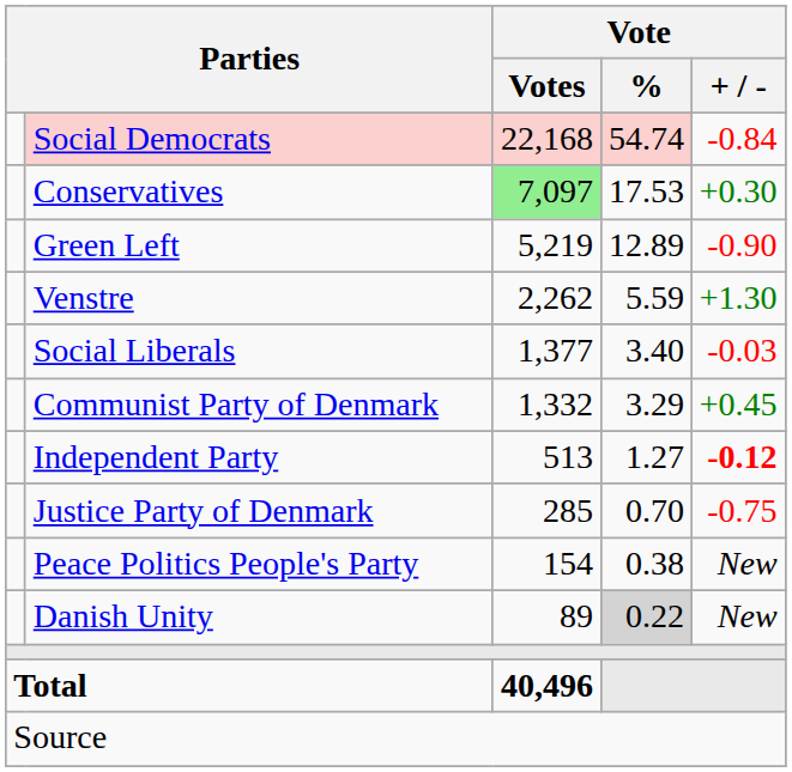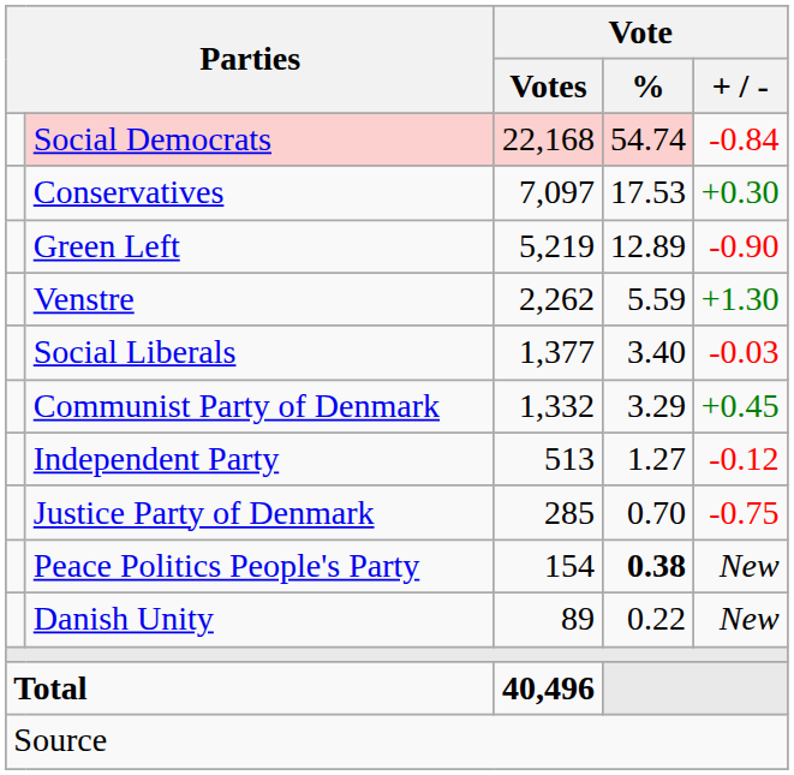 <table class="wikitable" style="text-align:right;">
 <tr>
 <th style="text-align:centre;" rowspan="2" colspan="2" width="225">Parties</th>
 <th colspan="3">Vote</th>
 </tr>
 <tr>
 <th width="15">Votes</th>
 <th width="15">%</th>
 <th width="15">+ / -</th>
 </tr>
 <tr>
 <td width="2" style="color:inherit;background:"></td>
 <td bgcolor=#fbd0ce  align="left"><a href='#'>Social Democrats</a></td>
 <td bgcolor=#fbd0ce>22,168</td>
 <td bgcolor=#fbd0ce>54.74</td>
 <td style=color:red;>-0.84</td>
 </tr>
 <tr>
 <td width="2" style="color:inherit;background:"></td>
 <td align="left"><a href='#'>Conservatives</a></td>
-<td style="background: lightgreen;">7,097</td>
+<td>7,097</td>
 <td>17.53</td>
 <td style=color:green;>+0.30</td>
 </tr>
 <tr>
 <td width="2" style="color:inherit;background:"></td>
 <td align="left"><a href='#'>Green Left</a></td>
 <td>5,219</td>
 <td>12.89</td>
 <td style=color:red;>-0.90</td>
 </tr>
 <tr>
 <td width="2" style="color:inherit;background:"></td>
 <td align="left"><a href='#'>Venstre</a></td>
 <td>2,262</td>
 <td>5.59</td>
 <td style=color:green;>+1.30</td>
 </tr>
 <tr>
 <td width="2" style="color:inherit;background:"></td>
 <td align="left"><a href='#'>Social Liberals</a></td>
 <td>1,377</td>
 <td>3.40</td>
 <td style=color:red;>-0.03</td>
 </tr>
 <tr>
 <td width="2" style="color:inherit;background:"></td>
 <td align="left"><a href='#'>Communist Party of Denmark</a></td>
 <td>1,332</td>
 <td>3.29</td>
 <td style=color:green;>+0.45</td>
 </tr>
 <tr>
 <td width="2" style="color:inherit;background:"></td>
 <td align="left"><a href='#'>Independent Party</a></td>
 <td>513</td>
 <td>1.27</td>
-<td style=color:red;><strong>-0.12</strong></td>
+<td style=color:red;>-0.12</td>
 </tr>
 <tr>
 <td width="2" style="color:inherit;background:"></td>
 <td align="left"><a href='#'>Justice Party of Denmark</a></td>
 <td>285</td>
 <td>0.70</td>
 <td style=color:red;>-0.75</td>
 </tr>
 <tr>
 <td width="2" style="color:inherit;background:"></td>
 <td align="left"><a href='#'>Peace Politics People's Party</a></td>
 <td>154</td>
-<td>0.38</td>
+<td><strong>0.38</strong></td>
 <td><em>New</em></td>
 </tr>
 <tr>
 <td width="2" style="color:inherit;background:"></td>
 <td align="left"><a href='#'>Danish Unity</a></td>
 <td>89</td>
-<td style="background: lightgrey;">0.22</td>
+<td>0.22</td>
 <td><em>New</em></td>
 </tr>
 <tr>
 <td colspan="7" bgcolor="#E9E9E9"></td>
 </tr>
 <tr>
 <td align="left" colspan="2"><strong>Total</strong></td>
 <td><strong>40,496</strong></td>
 <td bgcolor="#E9E9E9" colspan="2"></td>
 </tr>
 <tr>
 <td align="left" colspan="6">Source</td>
 </tr>
 </table>
